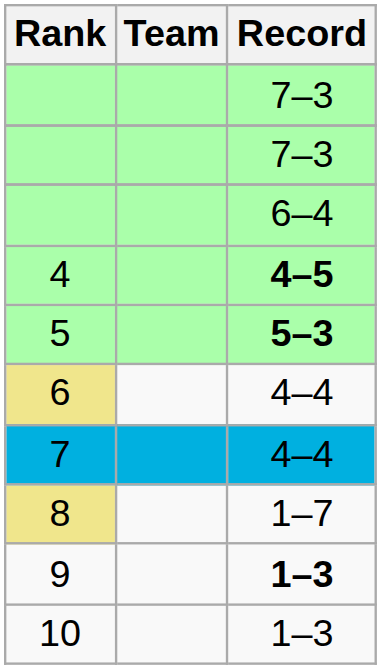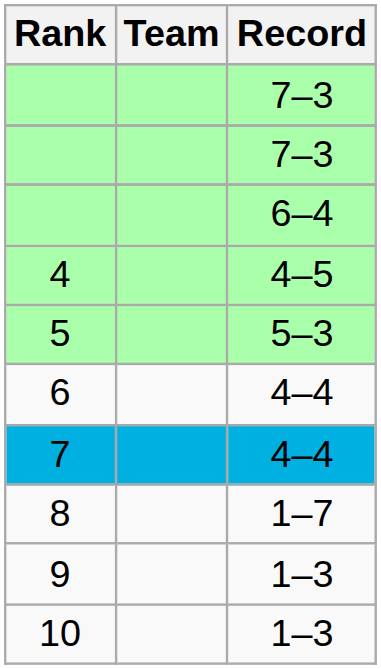 <table class="wikitable">
 <tr>
 <th>Rank</th>
 <th>Team</th>
 <th>Record</th>
 </tr>
 <tr>
 </tr>
 <tr bgcolor=#aaffaa>
 <td align=center></td>
 <td></td>
 <td align=center>7–3</td>
 </tr>
 <tr>
 </tr>
 <tr bgcolor=#aaffaa>
 <td align=center></td>
 <td></td>
 <td align=center>7–3</td>
 </tr>
 <tr>
 </tr>
 <tr bgcolor=#aaffaa>
 <td align=center></td>
 <td></td>
 <td align=center>6–4</td>
 </tr>
 <tr bgcolor=#aaffaa>
 <td align=center>4</td>
 <td></td>
-<td align=center><strong>4–5</strong></td>
+<td align=center>4–5</td>
 </tr>
 <tr bgcolor=#aaffaa>
 <td align=center>5</td>
 <td></td>
-<td align=center><strong>5–3</strong></td>
+<td align=center>5–3</td>
 </tr>
 <tr>
-<td align=center style="background: khaki;">6</td>
+<td align=center>6</td>
 <td></td>
 <td align=center>4–4</td>
 </tr>
 <tr bgcolor=#skyblue>
 <td align=center>7</td>
 <td></td>
 <td align=center>4–4</td>
 </tr>
 <tr>
-<td align=center style="background: khaki;">8</td>
+<td align=center>8</td>
 <td></td>
 <td align=center>1–7</td>
 </tr>
 <tr>
 <td align=center>9</td>
 <td></td>
-<td align=center><strong>1–3</strong></td>
+<td align=center>1–3</td>
 </tr>
 <tr>
 <td align=center>10</td>
 <td></td>
 <td align=center>1–3</td>
 </tr>
 </table>
